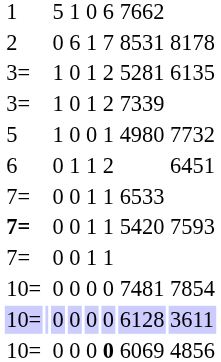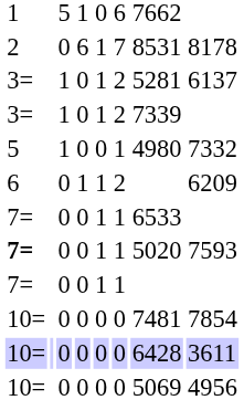 <table>
 <tr>
 <td>1</td>
 <td align="left"></td>
 <td>5</td>
 <td>1</td>
 <td>0</td>
 <td>6</td>
 <td>7662</td>
 <td></td>
 </tr>
 <tr>
 <td>2</td>
 <td align="left"></td>
 <td>0</td>
 <td>6</td>
 <td>1</td>
 <td>7</td>
 <td>8531</td>
 <td>8178</td>
 </tr>
 <tr>
 <td>3=</td>
 <td align="left"></td>
 <td>1</td>
 <td>0</td>
 <td>1</td>
 <td>2</td>
 <td>5281</td>
-<td>6135</td>
+<td>6137</td>
 </tr>
 <tr>
 <td>3=</td>
 <td align="left"></td>
 <td>1</td>
 <td>0</td>
 <td>1</td>
 <td>2</td>
 <td>7339</td>
 <td></td>
 </tr>
 <tr>
 <td>5</td>
 <td align="left"></td>
 <td>1</td>
 <td>0</td>
 <td>0</td>
 <td>1</td>
 <td>4980</td>
-<td>7732</td>
+<td>7332</td>
 </tr>
 <tr>
 <td>6</td>
 <td align="left"></td>
 <td>0</td>
 <td>1</td>
 <td>1</td>
 <td>2</td>
 <td></td>
-<td>6451</td>
+<td>6209</td>
 </tr>
 <tr>
 <td>7=</td>
 <td align="left"></td>
 <td>0</td>
 <td>0</td>
 <td>1</td>
 <td>1</td>
 <td>6533</td>
 <td></td>
 </tr>
 <tr>
 <td><strong>7=</strong></td>
 <td align="left"></td>
 <td>0</td>
 <td>0</td>
 <td>1</td>
 <td>1</td>
-<td>5420</td>
+<td>5020</td>
 <td>7593</td>
 </tr>
 <tr>
 <td>7=</td>
 <td align="left"></td>
 <td>0</td>
 <td>0</td>
 <td>1</td>
 <td>1</td>
 <td></td>
 <td></td>
 </tr>
 <tr>
 <td>10=</td>
 <td align="left"></td>
 <td>0</td>
 <td>0</td>
 <td>0</td>
 <td>0</td>
 <td>7481</td>
 <td>7854</td>
 </tr>
 <tr style="background-color:#ccccff">
 <td>10=</td>
 <td align="left"></td>
 <td>0</td>
 <td>0</td>
 <td>0</td>
 <td>0</td>
-<td>6128</td>
+<td>6428</td>
 <td>3611</td>
 </tr>
 <tr>
 <td>10=</td>
 <td align="left"></td>
 <td>0</td>
 <td>0</td>
 <td>0</td>
-<td><strong>0</strong></td>
-<td>6069</td>
-<td>4856</td>
+<td>0</td>
+<td>5069</td>
+<td>4956</td>
 </tr>
 </table>
